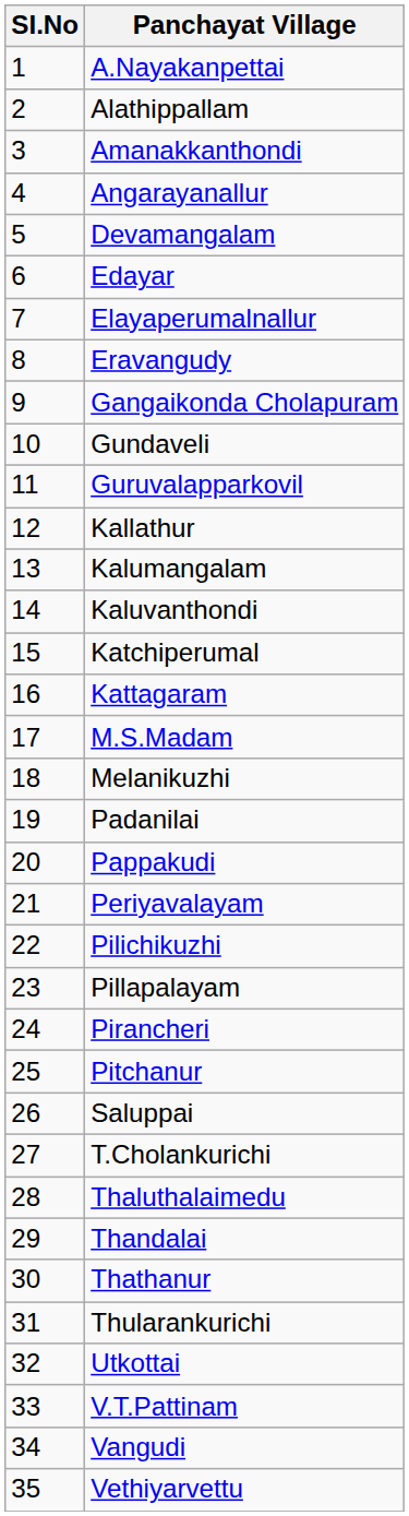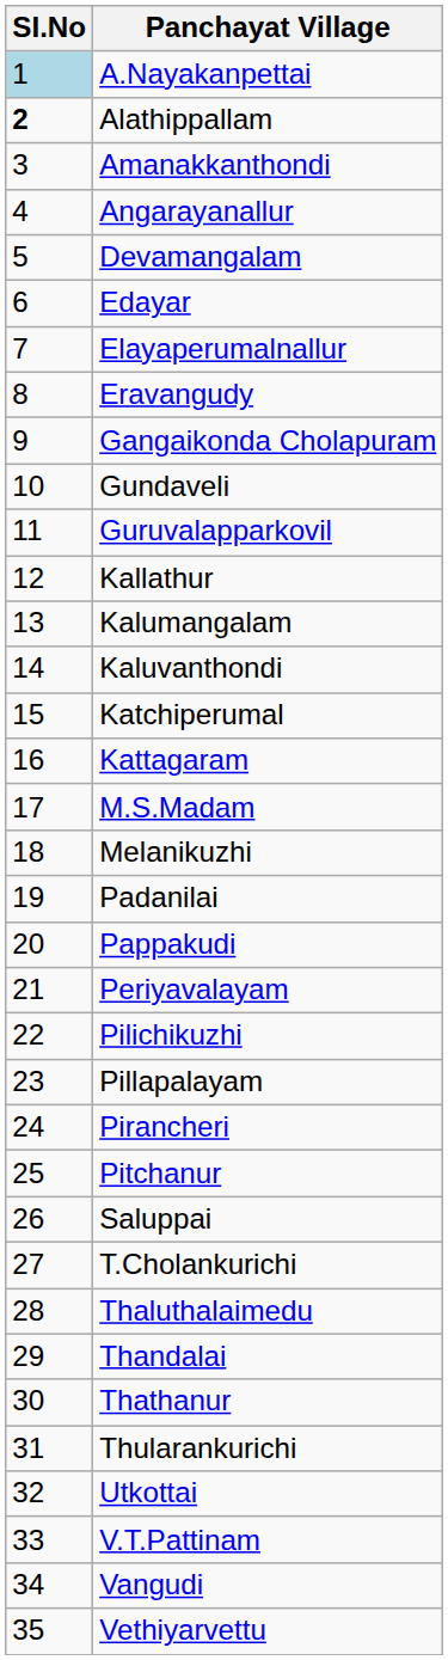 <table class="wikitable sortable">
 <tr>
 <th>SI.No</th>
 <th>Panchayat Village</th>
 </tr>
 <tr>
-<td>1</td>
+<td style="background: lightblue;">1</td>
 <td><a href='#'>A.Nayakanpettai</a></td>
 </tr>
 <tr>
-<td>2</td>
+<td><strong>2</strong></td>
 <td>Alathippallam</td>
 </tr>
 <tr>
 <td>3</td>
 <td><a href='#'>Amanakkanthondi</a></td>
 </tr>
 <tr>
 <td>4</td>
 <td><a href='#'>Angarayanallur</a></td>
 </tr>
 <tr>
 <td>5</td>
 <td><a href='#'>Devamangalam</a></td>
 </tr>
 <tr>
 <td>6</td>
 <td><a href='#'>Edayar</a></td>
 </tr>
 <tr>
 <td>7</td>
 <td><a href='#'>Elayaperumalnallur</a></td>
 </tr>
 <tr>
 <td>8</td>
 <td><a href='#'>Eravangudy</a></td>
 </tr>
 <tr>
 <td>9</td>
 <td><a href='#'>Gangaikonda Cholapuram</a></td>
 </tr>
 <tr>
 <td>10</td>
 <td>Gundaveli</td>
 </tr>
 <tr>
 <td>11</td>
 <td><a href='#'>Guruvalapparkovil</a></td>
 </tr>
 <tr>
 <td>12</td>
 <td>Kallathur</td>
 </tr>
 <tr>
 <td>13</td>
 <td>Kalumangalam</td>
 </tr>
 <tr>
 <td>14</td>
 <td>Kaluvanthondi</td>
 </tr>
 <tr>
 <td>15</td>
 <td>Katchiperumal</td>
 </tr>
 <tr>
 <td>16</td>
 <td><a href='#'>Kattagaram</a></td>
 </tr>
 <tr>
 <td>17</td>
 <td><a href='#'>M.S.Madam</a></td>
 </tr>
 <tr>
 <td>18</td>
 <td>Melanikuzhi</td>
 </tr>
 <tr>
 <td>19</td>
 <td>Padanilai</td>
 </tr>
 <tr>
 <td>20</td>
 <td><a href='#'>Pappakudi</a></td>
 </tr>
 <tr>
 <td>21</td>
 <td><a href='#'>Periyavalayam</a></td>
 </tr>
 <tr>
 <td>22</td>
 <td><a href='#'>Pilichikuzhi</a></td>
 </tr>
 <tr>
 <td>23</td>
 <td>Pillapalayam</td>
 </tr>
 <tr>
 <td>24</td>
 <td><a href='#'>Pirancheri</a></td>
 </tr>
 <tr>
 <td>25</td>
 <td><a href='#'>Pitchanur</a></td>
 </tr>
 <tr>
 <td>26</td>
 <td>Saluppai</td>
 </tr>
 <tr>
 <td>27</td>
 <td>T.Cholankurichi</td>
 </tr>
 <tr>
 <td>28</td>
 <td><a href='#'>Thaluthalaimedu</a></td>
 </tr>
 <tr>
 <td>29</td>
 <td><a href='#'>Thandalai</a></td>
 </tr>
 <tr>
 <td>30</td>
 <td><a href='#'>Thathanur</a></td>
 </tr>
 <tr>
 <td>31</td>
 <td>Thularankurichi</td>
 </tr>
 <tr>
 <td>32</td>
 <td><a href='#'>Utkottai</a></td>
 </tr>
 <tr>
 <td>33</td>
 <td><a href='#'>V.T.Pattinam</a></td>
 </tr>
 <tr>
 <td>34</td>
 <td><a href='#'>Vangudi</a></td>
 </tr>
 <tr>
 <td>35</td>
 <td><a href='#'>Vethiyarvettu</a></td>
 </tr>
 </table>
